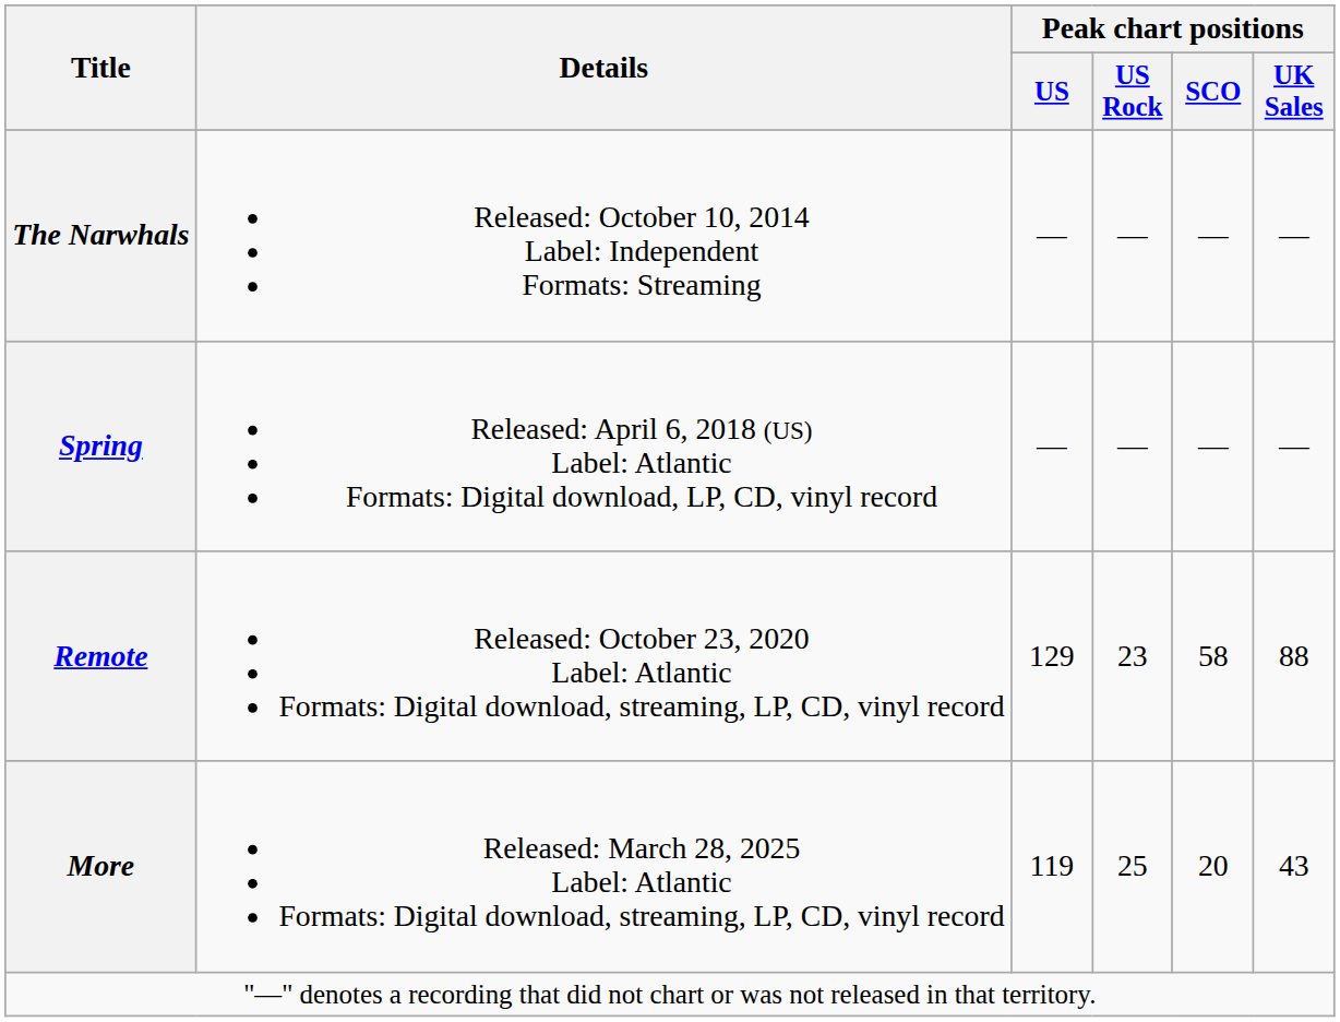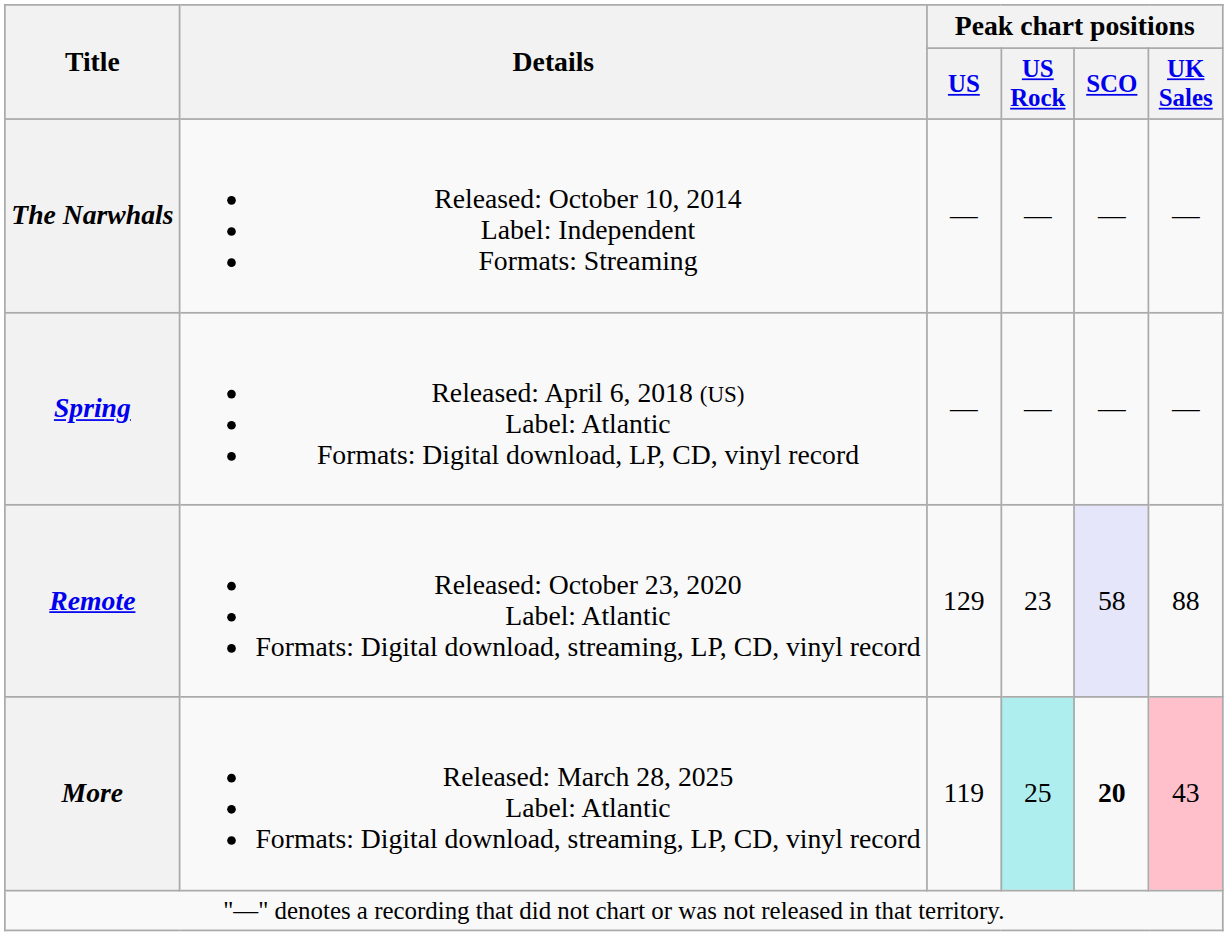 <table class="wikitable plainrowheaders" style="text-align:center">
 <tr>
 <th scope="col" rowspan="2">Title</th>
 <th scope="col" rowspan="2">Details</th>
 <th scope="col" colspan="4">Peak chart positions</th>
 </tr>
 <tr>
 <th scope="col" style="width:2.5em;font-size:90%;"><a href='#'>US</a><br></th>
 <th scope="col" style="width:2.5em;font-size:90%;"><a href='#'>US<br>Rock</a><br></th>
 <th scope="col" style="width:2.5em;font-size:90%;"><a href='#'>SCO</a><br></th>
 <th scope="col" style="width:2.5em;font-size:90%;"><a href='#'>UK<br>Sales</a><br></th>
 </tr>
 <tr>
 <th scope="row"><em>The Narwhals</em> </th>
 <td><br><ul><li>Released: October 10, 2014</li><li>Label: Independent</li><li>Formats: Streaming</li></ul></td>
 <td>—</td>
 <td>—</td>
 <td>—</td>
 <td>—</td>
 </tr>
 <tr>
 <th scope="row"><a href='#'><em>Spring</em></a></th>
 <td><br><ul><li>Released: April 6, 2018 <small>(US)</small></li><li>Label: Atlantic</li><li>Formats: Digital download, LP, CD, vinyl record</li></ul></td>
 <td>—</td>
 <td>—</td>
 <td>—</td>
 <td>—</td>
 </tr>
 <tr>
 <th scope="row"><em><a href='#'>Remote</a></em></th>
 <td><br><ul><li>Released: October 23, 2020</li><li>Label: Atlantic</li><li>Formats: Digital download, streaming, LP, CD, vinyl record</li></ul></td>
 <td>129</td>
 <td>23</td>
-<td>58</td>
+<td style="background: lavender;">58</td>
 <td>88</td>
 </tr>
 <tr>
 <th scope="row"><em>More</em></th>
 <td><br><ul><li>Released: March 28, 2025</li><li>Label: Atlantic</li><li>Formats: Digital download, streaming, LP, CD, vinyl record</li></ul></td>
 <td>119</td>
-<td>25</td>
-<td>20</td>
-<td>43</td>
+<td style="background: paleturquoise;">25</td>
+<td><strong>20</strong></td>
+<td style="background: pink;">43</td>
 </tr>
 <tr>
 <td colspan="14" style="font-size:90%">"—" denotes a recording that did not chart or was not released in that territory.</td>
 </tr>
 </table>
